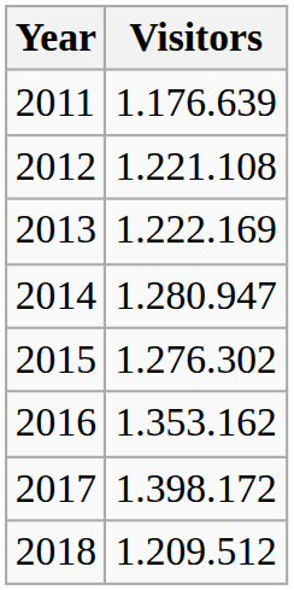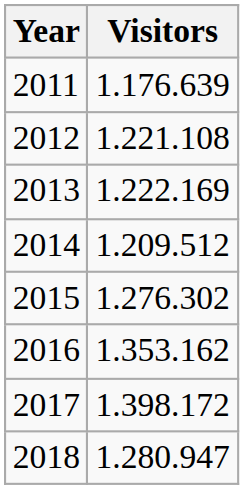 <table class="wikitable sortable">
 <tr>
 <th>Year</th>
 <th>Visitors</th>
 </tr>
 <tr>
 <td>2011</td>
 <td>1.176.639 </td>
 </tr>
 <tr>
 <td>2012</td>
 <td>1.221.108 </td>
 </tr>
 <tr>
 <td>2013</td>
 <td>1.222.169 </td>
 </tr>
 <tr>
 <td>2014</td>
-<td>1.280.947 </td>
+<td>1.209.512 </td>
 </tr>
 <tr>
 <td>2015</td>
 <td>1.276.302 </td>
 </tr>
 <tr>
 <td>2016</td>
 <td>1.353.162 </td>
 </tr>
 <tr>
 <td>2017</td>
 <td>1.398.172 </td>
 </tr>
 <tr>
 <td>2018</td>
-<td>1.209.512 </td>
+<td>1.280.947 </td>
 </tr>
 </table>
